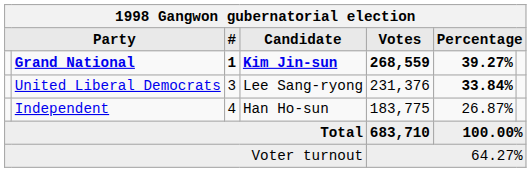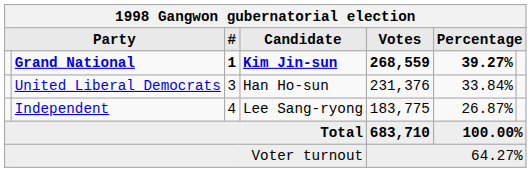 <table class="wikitable">
 <tr>
 <th colspan="7">1998 Gangwon gubernatorial election</th>
 </tr>
 <tr>
 <th style="background-color:#E9E9E9" colspan=2>Party</th>
 <th style="background-color:#E9E9E9">#</th>
 <th style="background-color:#E9E9E9">Candidate</th>
 <th style="background-color:#E9E9E9">Votes</th>
 <th style="background-color:#E9E9E9" colspan=2>Percentage</th>
 </tr>
 <tr style="font-weight:bold">
 <td></td>
 <td align=left><a href='#'>Grand National</a></td>
 <td align=center>1</td>
 <td align=left><a href='#'>Kim Jin-sun</a></td>
 <td align=right>268,559</td>
 <td align=right>39.27%</td>
 <td align=right></td>
 </tr>
 <tr>
 <td></td>
 <td align=left><a href='#'>United Liberal Democrats</a></td>
 <td align=center>3</td>
-<td align=left>Lee Sang-ryong</td>
+<td align=left>Han Ho-sun</td>
 <td align=right>231,376</td>
-<td align=right><strong>33.84%</strong></td>
+<td align=right>33.84%</td>
 <td align=right></td>
 </tr>
 <tr>
 <td></td>
 <td align=left><a href='#'>Independent</a></td>
 <td align=center>4</td>
-<td align=left>Han Ho-sun</td>
+<td align=left>Lee Sang-ryong</td>
 <td align=right>183,775</td>
 <td align=right>26.87%</td>
 <td align=right></td>
 </tr>
 <tr bgcolor="#EEEEEE" style="font-weight:bold">
 <td colspan="4" align=right>Total</td>
 <td align=right>683,710</td>
 <td align=right colspan=2>100.00%</td>
 </tr>
 <tr bgcolor="#EEEEEE">
 <td colspan="4" align="right">Voter turnout</td>
 <td colspan="3" align="right">64.27%</td>
 </tr>
 </table>
